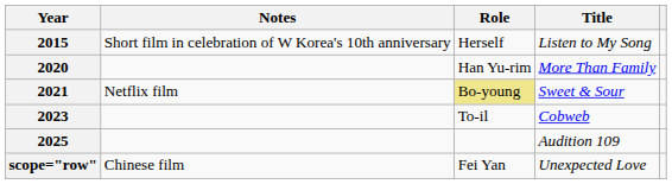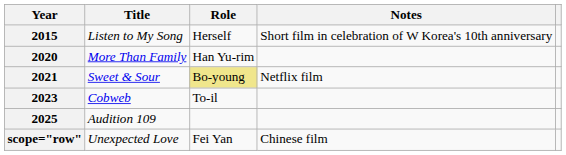 <table class="wikitable plainrowheaders sortable">
 <tr>
 <th scope="col">Year</th>
+<th scope="col">Title</th>
+<th scope="col">Role</th>
 <th scope="col">Notes</th>
-<th scope="col">Role</th>
-<th scope="col">Title</th>
 <th scope="col" class="unsortable"></th>
 </tr>
 <tr>
 <th scope="row">2015</th>
+<td><em>Listen to My Song</em></td>
+<td>Herself</td>
 <td>Short film in celebration of W Korea's 10th anniversary</td>
-<td>Herself</td>
-<td><em>Listen to My Song</em></td>
 <td style="text-align:center"></td>
 </tr>
 <tr>
 <th scope="row">2020</th>
+<td><em><a href='#'>More Than Family</a></em></td>
+<td>Han Yu-rim</td>
 <td></td>
-<td>Han Yu-rim</td>
-<td><em><a href='#'>More Than Family</a></em></td>
 <td style="text-align:center"></td>
 </tr>
 <tr>
 <th scope="row">2021</th>
+<td><em><a href='#'>Sweet & Sour</a></em></td>
+<td style="background: khaki;">Bo-young</td>
 <td>Netflix film</td>
-<td style="background: khaki;">Bo-young</td>
-<td><em><a href='#'>Sweet & Sour</a></em></td>
 <td style="text-align:center"></td>
 </tr>
 <tr>
 <th scope="row">2023</th>
+<td><em><a href='#'>Cobweb</a></em></td>
+<td>To-il</td>
 <td></td>
-<td>To-il</td>
-<td><em><a href='#'>Cobweb</a></em></td>
 <td style="text-align:center"></td>
 </tr>
 <tr>
 <th scope="row">2025</th>
+<td><em>Audition 109</em></td>
 <td></td>
 <td></td>
-<td><em>Audition 109</em></td>
 <td style="text-align:center"></td>
 </tr>
 <tr>
 <th>scope="row" </th>
+<td><em>Unexpected Love</em></td>
+<td>Fei Yan</td>
 <td>Chinese film</td>
-<td>Fei Yan</td>
-<td><em>Unexpected Love</em></td>
 <td style="text-align:center"></td>
 </tr>
 </table>
